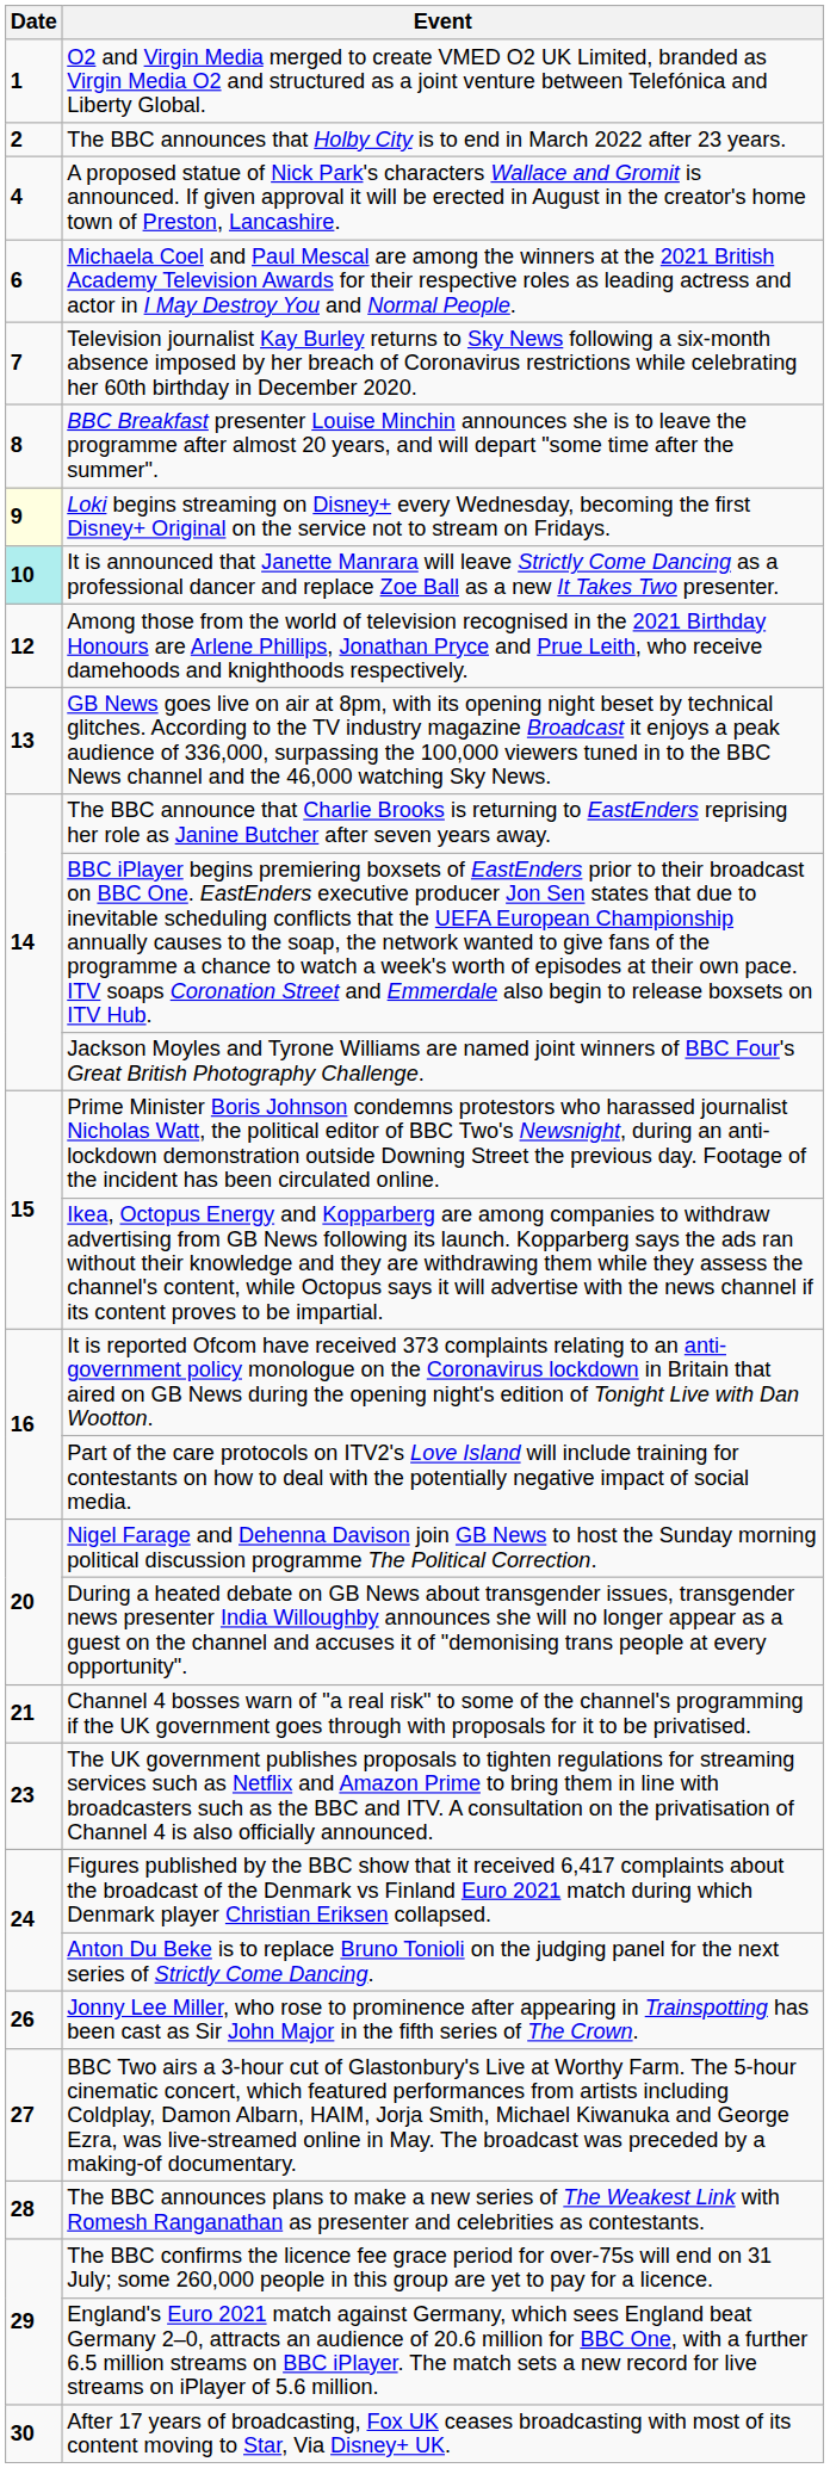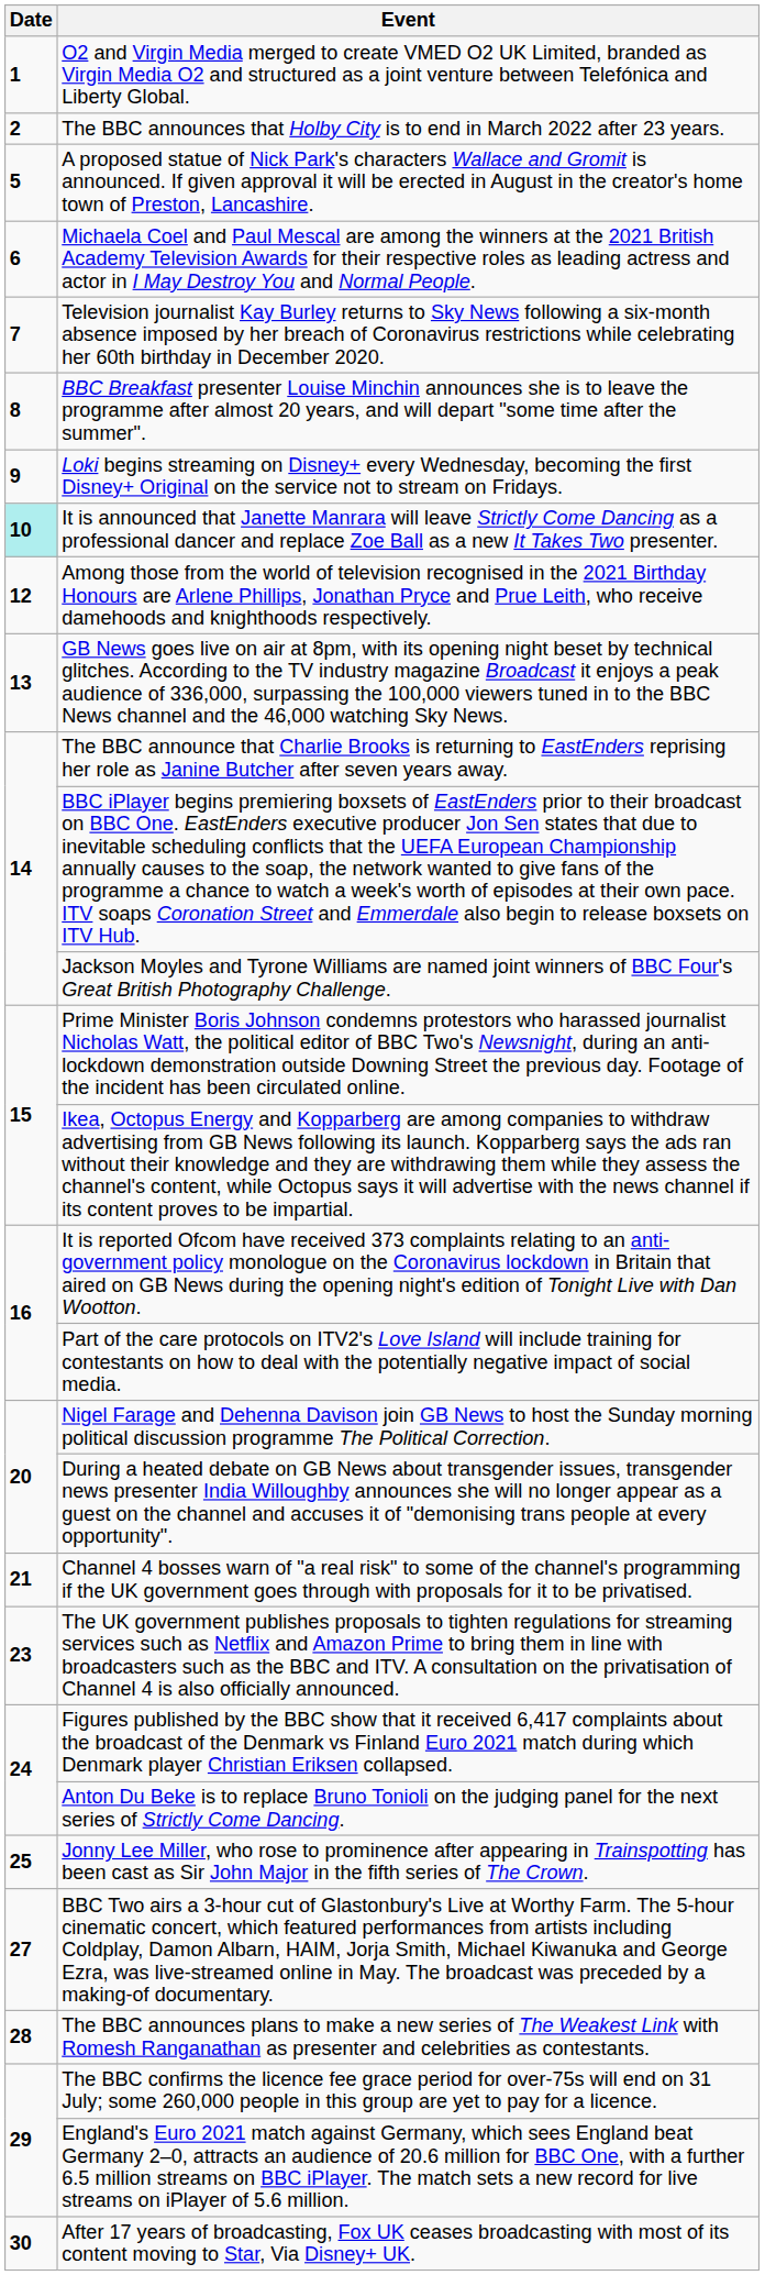 <table class="wikitable">
 <tr>
 <th>Date</th>
 <th>Event</th>
 </tr>
 <tr>
 <td><strong>1</strong></td>
 <td><a href='#'>O2</a> and <a href='#'>Virgin Media</a> merged to create VMED O2 UK Limited, branded as <a href='#'>Virgin Media O2</a> and structured as a joint venture between Telefónica and Liberty Global.</td>
 </tr>
 <tr>
 <td><strong>2</strong></td>
 <td>The BBC announces that <em><a href='#'>Holby City</a></em> is to end in March 2022 after 23 years.</td>
 </tr>
 <tr>
-<td><strong>4</strong></td>
+<td><strong>5</strong></td>
 <td>A proposed statue of <a href='#'>Nick Park</a>'s characters <em><a href='#'>Wallace and Gromit</a></em> is announced. If given approval it will be erected in August in the creator's home town of <a href='#'>Preston</a>, <a href='#'>Lancashire</a>.</td>
 </tr>
 <tr>
 <td><strong>6</strong></td>
 <td><a href='#'>Michaela Coel</a> and <a href='#'>Paul Mescal</a> are among the winners at the <a href='#'>2021 British Academy Television Awards</a> for their respective roles as leading actress and actor in <em><a href='#'>I May Destroy You</a></em> and <em><a href='#'>Normal People</a></em>.</td>
 </tr>
 <tr>
 <td><strong>7</strong></td>
 <td>Television journalist <a href='#'>Kay Burley</a> returns to <a href='#'>Sky News</a> following a six-month absence imposed by her breach of Coronavirus restrictions while celebrating her 60th birthday in December 2020.</td>
 </tr>
 <tr>
 <td><strong>8</strong></td>
 <td><em><a href='#'>BBC Breakfast</a></em> presenter <a href='#'>Louise Minchin</a> announces she is to leave the programme after almost 20 years, and will depart "some time after the summer".</td>
 </tr>
 <tr>
-<td style="background: lightyellow;"><strong>9</strong></td>
+<td><strong>9</strong></td>
 <td><em><a href='#'>Loki</a></em> begins streaming on <a href='#'>Disney+</a> every Wednesday, becoming the first <a href='#'>Disney+ Original</a> on the service not to stream on Fridays.</td>
 </tr>
 <tr>
 <td style="background: paleturquoise;"><strong>10</strong></td>
 <td>It is announced that <a href='#'>Janette Manrara</a> will leave <em><a href='#'>Strictly Come Dancing</a></em> as a professional dancer and replace <a href='#'>Zoe Ball</a> as a new <em><a href='#'>It Takes Two</a></em> presenter.</td>
 </tr>
 <tr>
 <td><strong>12</strong></td>
 <td>Among those from the world of television recognised in the <a href='#'>2021 Birthday Honours</a> are <a href='#'>Arlene Phillips</a>, <a href='#'>Jonathan Pryce</a> and <a href='#'>Prue Leith</a>, who receive damehoods and knighthoods respectively.</td>
 </tr>
 <tr>
 <td><strong>13</strong></td>
 <td><a href='#'>GB News</a> goes live on air at 8pm, with its opening night beset by technical glitches. According to the TV industry magazine <em><a href='#'>Broadcast</a></em> it enjoys a peak audience of 336,000, surpassing the 100,000 viewers tuned in to the BBC News channel and the 46,000 watching Sky News.</td>
 </tr>
 <tr>
 <td rowspan=3><strong>14</strong></td>
 <td>The BBC announce that <a href='#'>Charlie Brooks</a> is returning to <em><a href='#'>EastEnders</a></em> reprising her role as <a href='#'>Janine Butcher</a> after seven years away.</td>
 </tr>
 <tr>
 <td><a href='#'>BBC iPlayer</a> begins premiering boxsets of <em><a href='#'>EastEnders</a></em> prior to their broadcast on <a href='#'>BBC One</a>. <em>EastEnders</em> executive producer <a href='#'>Jon Sen</a> states that due to inevitable scheduling conflicts that the <a href='#'>UEFA European Championship</a> annually causes to the soap, the network wanted to give fans of the programme a chance to watch a week's worth of episodes at their own pace. <a href='#'>ITV</a> soaps <em><a href='#'>Coronation Street</a></em> and <em><a href='#'>Emmerdale</a></em> also begin to release boxsets on <a href='#'>ITV Hub</a>.</td>
 </tr>
 <tr>
 <td>Jackson Moyles and Tyrone Williams are named joint winners of <a href='#'>BBC Four</a>'s <em>Great British Photography Challenge</em>.</td>
 </tr>
 <tr>
 <td rowspan=2><strong>15</strong></td>
 <td>Prime Minister <a href='#'>Boris Johnson</a> condemns protestors who harassed journalist <a href='#'>Nicholas Watt</a>, the political editor of BBC Two's <em><a href='#'>Newsnight</a></em>, during an anti-lockdown demonstration outside Downing Street the previous day. Footage of the incident has been circulated online.</td>
 </tr>
 <tr>
 <td><a href='#'>Ikea</a>, <a href='#'>Octopus Energy</a> and <a href='#'>Kopparberg</a> are among companies to withdraw advertising from GB News following its launch. Kopparberg says the ads ran without their knowledge and they are withdrawing them while they assess the channel's content, while Octopus says it will advertise with the news channel if its content proves to be impartial.</td>
 </tr>
 <tr>
 <td rowspan=2><strong>16</strong></td>
 <td>It is reported Ofcom have received 373 complaints relating to an <a href='#'>anti-government policy</a> monologue on the <a href='#'>Coronavirus lockdown</a> in Britain that aired on GB News during the opening night's edition of <em>Tonight Live with Dan Wootton</em>.</td>
 </tr>
 <tr>
 <td>Part of the care protocols on ITV2's <em><a href='#'>Love Island</a></em> will include training for contestants on how to deal with the potentially negative impact of social media.</td>
 </tr>
 <tr>
 <td rowspan=2><strong>20</strong></td>
 <td><a href='#'>Nigel Farage</a> and <a href='#'>Dehenna Davison</a> join <a href='#'>GB News</a> to host the Sunday morning political discussion programme <em>The Political Correction</em>.</td>
 </tr>
 <tr>
 <td>During a heated debate on GB News about transgender issues, transgender news presenter <a href='#'>India Willoughby</a> announces she will no longer appear as a guest on the channel and accuses it of "demonising trans people at every opportunity".</td>
 </tr>
 <tr>
 <td><strong>21</strong></td>
 <td>Channel 4 bosses warn of "a real risk" to some of the channel's programming if the UK government goes through with proposals for it to be privatised.</td>
 </tr>
 <tr>
 <td><strong>23</strong></td>
 <td>The UK government publishes proposals to tighten regulations for streaming services such as <a href='#'>Netflix</a> and <a href='#'>Amazon Prime</a> to bring them in line with broadcasters such as the BBC and ITV. A consultation on the privatisation of Channel 4 is also officially announced.</td>
 </tr>
 <tr>
 <td rowspan=2><strong>24</strong></td>
 <td>Figures published by the BBC show that it received 6,417 complaints about the broadcast of the Denmark vs Finland <a href='#'>Euro 2021</a> match during which Denmark player <a href='#'>Christian Eriksen</a> collapsed.</td>
 </tr>
 <tr>
 <td><a href='#'>Anton Du Beke</a> is to replace <a href='#'>Bruno Tonioli</a> on the judging panel for the next series of <em><a href='#'>Strictly Come Dancing</a></em>.</td>
 </tr>
 <tr>
-<td><strong>26</strong></td>
+<td><strong>25</strong></td>
 <td><a href='#'>Jonny Lee Miller</a>, who rose to prominence after appearing in <em><a href='#'>Trainspotting</a></em> has been cast as Sir <a href='#'>John Major</a> in the fifth series of <em><a href='#'>The Crown</a></em>.</td>
 </tr>
 <tr>
 <td><strong>27</strong></td>
 <td>BBC Two airs a 3-hour cut of Glastonbury's Live at Worthy Farm. The 5-hour cinematic concert, which featured performances from artists including Coldplay, Damon Albarn, HAIM, Jorja Smith, Michael Kiwanuka and George Ezra, was live-streamed online in May. The broadcast was preceded by a making-of documentary.</td>
 </tr>
 <tr>
 <td><strong>28</strong></td>
 <td>The BBC announces plans to make a new series of <em><a href='#'>The Weakest Link</a></em> with <a href='#'>Romesh Ranganathan</a> as presenter and celebrities as contestants.</td>
 </tr>
 <tr>
 <td rowspan=2><strong>29</strong></td>
 <td>The BBC confirms the licence fee grace period for over-75s will end on 31 July; some 260,000 people in this group are yet to pay for a licence.</td>
 </tr>
 <tr>
 <td>England's <a href='#'>Euro 2021</a> match against Germany, which sees England beat Germany 2–0, attracts an audience of 20.6 million for <a href='#'>BBC One</a>, with a further 6.5 million streams on <a href='#'>BBC iPlayer</a>. The match sets a new record for live streams on iPlayer of 5.6 million.</td>
 </tr>
 <tr>
 <td><strong>30</strong></td>
 <td>After 17 years of broadcasting, <a href='#'>Fox UK</a> ceases broadcasting with most of its content moving to <a href='#'>Star</a>, Via <a href='#'>Disney+ UK</a>.</td>
 </tr>
 </table>
